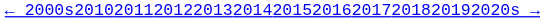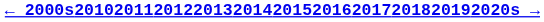 <table id="toc" class="toc" summary="Contents">
 <tr>
 <th></th>
 </tr>
 <tr>
-<td align="center"><a href='#'>← 2000s</a><a href='#'>2010</a><a href='#'>2011</a><a href='#'>2012</a><a href='#'>2013</a><a href='#'>2014</a><a href='#'>2015</a><a href='#'>2016</a><a href='#'>2017</a><a href='#'>2018</a><a href='#'>2019</a><a href='#'>2020s →</a></td>
+<td align="center"><strong><a href='#'>← 2000s</a><a href='#'>2010</a><a href='#'>2011</a><a href='#'>2012</a><a href='#'>2013</a><a href='#'>2014</a><a href='#'>2015</a><a href='#'>2016</a><a href='#'>2017</a><a href='#'>2018</a><a href='#'>2019</a><a href='#'>2020s →</a></strong></td>
 </tr>
 </table>
